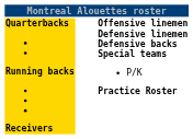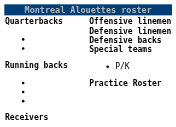 <table class="toccolours" style="text-align: left;">
 <tr>
 <th colspan="7" style="background-color: #003E77; color:#B1B9BC; text-align:center"><strong>Montreal Alouettes roster</strong></th>
 </tr>
 <tr>
-<td style="background: gold; font-size: 95%;" valign="top"><strong>Quarterbacks</strong><br><ul><li></li><li></li></ul><strong>Running backs</strong><ul><li></li><li></li><li></li></ul><strong>Receivers</strong></td>
+<td style="font-size: 95%;" valign="top"><strong>Quarterbacks</strong><br><ul><li></li><li></li></ul><strong>Running backs</strong><ul><li></li><li></li><li></li></ul><strong>Receivers</strong></td>
 <td style="width: 25px;"></td>
 <td style="font-size: 95%;" valign="top"><strong>Offensive linemen</strong><br><strong>Defensive linemen</strong><br><strong>Defensive backs</strong><br><strong>Special teams</strong><ul><li> P/K</li></ul><strong>Practice Roster</strong></td>
 </tr>
 <tr>
 </tr>
 </table>
